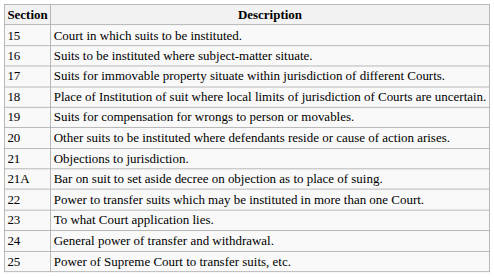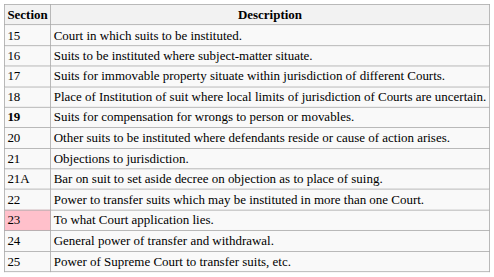 <table class="wikitable">
 <tr>
 <th>Section</th>
 <th>Description</th>
 </tr>
 <tr>
 <td>15</td>
 <td>Court in which suits to be instituted.</td>
 </tr>
 <tr>
 <td>16</td>
 <td>Suits to be instituted where subject-matter situate.</td>
 </tr>
 <tr>
 <td>17</td>
 <td>Suits for immovable property situate within jurisdiction of different Courts.</td>
 </tr>
 <tr>
 <td>18</td>
 <td>Place of Institution of suit where local limits of jurisdiction of Courts are uncertain.</td>
 </tr>
 <tr>
-<td>19</td>
+<td><strong>19</strong></td>
 <td>Suits for compensation for wrongs to person or movables.</td>
 </tr>
 <tr>
 <td>20</td>
 <td>Other suits to be instituted where defendants reside or cause of action arises.</td>
 </tr>
 <tr>
 <td>21</td>
 <td>Objections to jurisdiction.</td>
 </tr>
 <tr>
 <td>21A</td>
 <td>Bar on suit to set aside decree on objection as to place of suing.</td>
 </tr>
 <tr>
 <td>22</td>
 <td>Power to transfer suits which may be instituted in more than one Court.</td>
 </tr>
 <tr>
-<td>23</td>
+<td style="background: pink;">23</td>
 <td>To what Court application lies.</td>
 </tr>
 <tr>
 <td>24</td>
 <td>General power of transfer and withdrawal.</td>
 </tr>
 <tr>
 <td>25</td>
 <td>Power of Supreme Court to transfer suits, etc.</td>
 </tr>
 </table>
